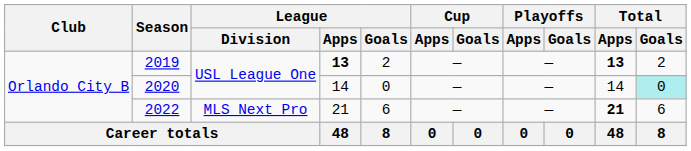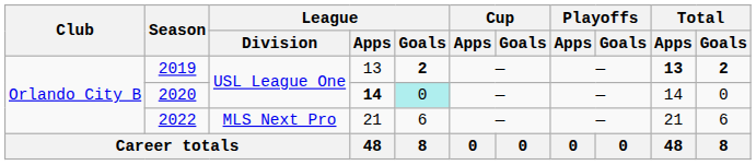 <table class="wikitable" style="text-align:center;">
 <tr>
 <th rowspan="2">Club</th>
 <th rowspan="2">Season</th>
 <th colspan="3">League</th>
 <th colspan="2">Cup</th>
 <th colspan="2">Playoffs</th>
 <th colspan="2">Total</th>
 </tr>
 <tr>
 <th>Division</th>
 <th>Apps</th>
 <th>Goals</th>
 <th>Apps</th>
 <th>Goals</th>
 <th>Apps</th>
 <th>Goals</th>
 <th>Apps</th>
 <th>Goals</th>
 </tr>
 <tr>
 <td rowspan="3"><a href='#'>Orlando City B</a></td>
 <td><a href='#'>2019</a></td>
 <td rowspan="2"><a href='#'>USL League One</a></td>
-<td><strong>13</strong></td>
-<td>2</td>
+<td>13</td>
+<td><strong>2</strong></td>
 <td colspan="2">—</td>
 <td colspan="2">—</td>
 <td><strong>13</strong></td>
-<td>2</td>
+<td><strong>2</strong></td>
 </tr>
 <tr>
 <td><a href='#'>2020</a></td>
-<td>14</td>
-<td>0</td>
+<td><strong>14</strong></td>
+<td style="background: paleturquoise;">0</td>
 <td colspan="2">—</td>
 <td colspan="2">—</td>
 <td>14</td>
-<td style="background: paleturquoise;">0</td>
+<td>0</td>
 </tr>
 <tr>
 <td><a href='#'>2022</a></td>
 <td><a href='#'>MLS Next Pro</a></td>
 <td>21</td>
 <td>6</td>
 <td colspan="2">—</td>
 <td colspan="2">—</td>
-<td><strong>21</strong></td>
+<td>21</td>
 <td>6</td>
 </tr>
 <tr>
 <th colspan="3">Career totals</th>
 <th>48</th>
 <th>8</th>
 <th>0</th>
 <th>0</th>
 <th>0</th>
 <th>0</th>
 <th>48</th>
 <th>8</th>
 </tr>
 </table>
